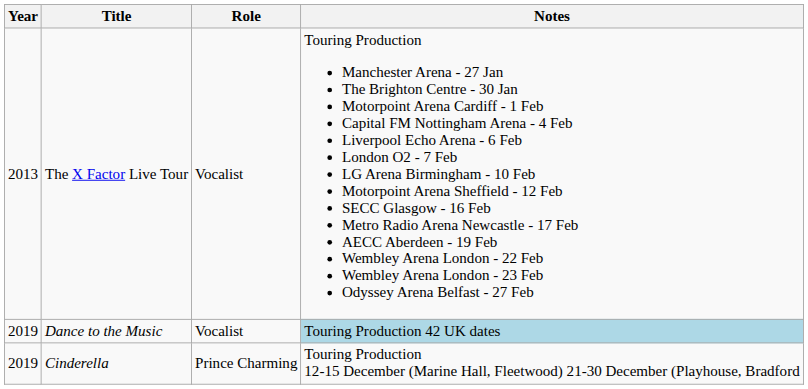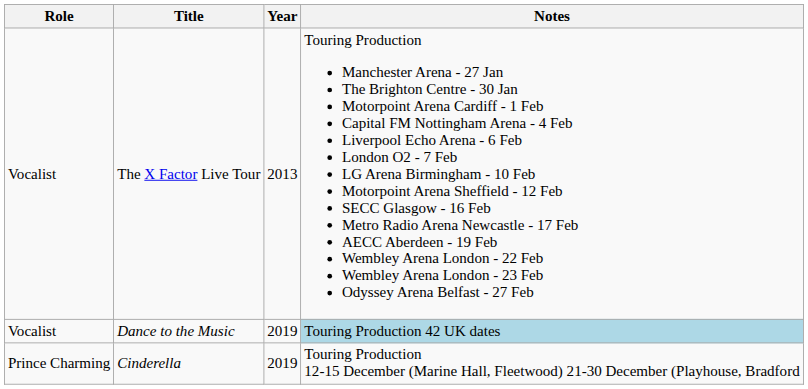 <table class="wikitable sortable">
 <tr>
+<th>Role</th>
+<th>Title</th>
 <th>Year</th>
-<th>Title</th>
-<th>Role</th>
 <th>Notes</th>
 </tr>
 <tr>
+<td>Vocalist</td>
+<td>The <a href='#'>X Factor</a> Live Tour</td>
 <td>2013</td>
-<td>The <a href='#'>X Factor</a> Live Tour</td>
-<td>Vocalist</td>
 <td>Touring Production<br><ul><li>Manchester Arena - 27 Jan</li><li>The Brighton Centre - 30 Jan</li><li>Motorpoint Arena Cardiff - 1 Feb</li><li>Capital FM Nottingham Arena - 4 Feb</li><li>Liverpool Echo Arena - 6 Feb</li><li>London O2 - 7 Feb</li><li>LG Arena Birmingham - 10 Feb</li><li>Motorpoint Arena Sheffield - 12 Feb</li><li>SECC Glasgow - 16 Feb</li><li>Metro Radio Arena Newcastle - 17 Feb</li><li>AECC Aberdeen - 19 Feb</li><li>Wembley Arena London - 22 Feb</li><li>Wembley Arena London - 23 Feb</li><li>Odyssey Arena Belfast - 27 Feb</li></ul></td>
 </tr>
 <tr>
+<td>Vocalist</td>
+<td><em>Dance to the Music</em></td>
 <td>2019</td>
-<td><em>Dance to the Music</em></td>
-<td>Vocalist</td>
 <td style="background: lightblue;">Touring Production 42 UK dates</td>
 </tr>
 <tr>
+<td>Prince Charming</td>
+<td><em>Cinderella</em></td>
 <td>2019</td>
-<td><em>Cinderella</em></td>
-<td>Prince Charming</td>
 <td>Touring Production<br>12-15 December (Marine Hall, Fleetwood) 21-30 December (Playhouse, Bradford</td>
 </tr>
 </table>
